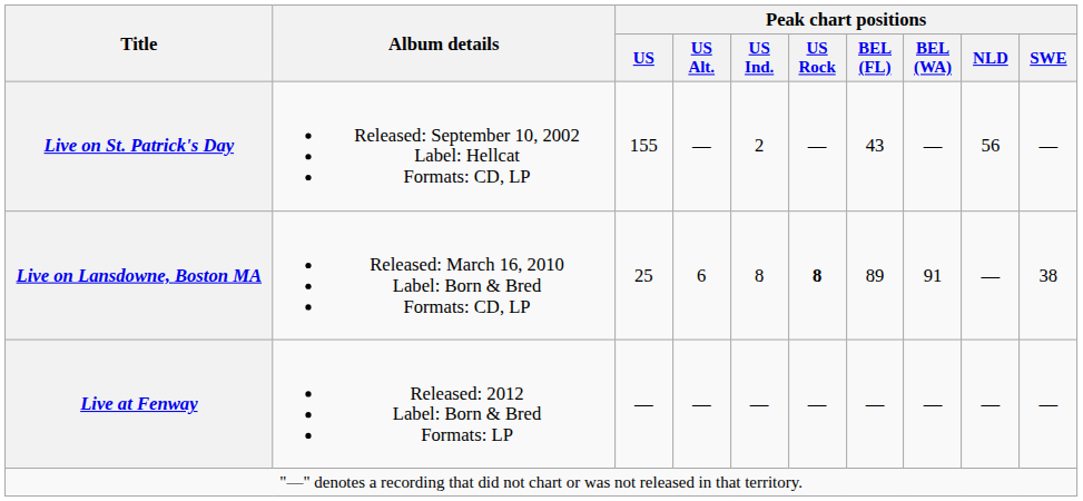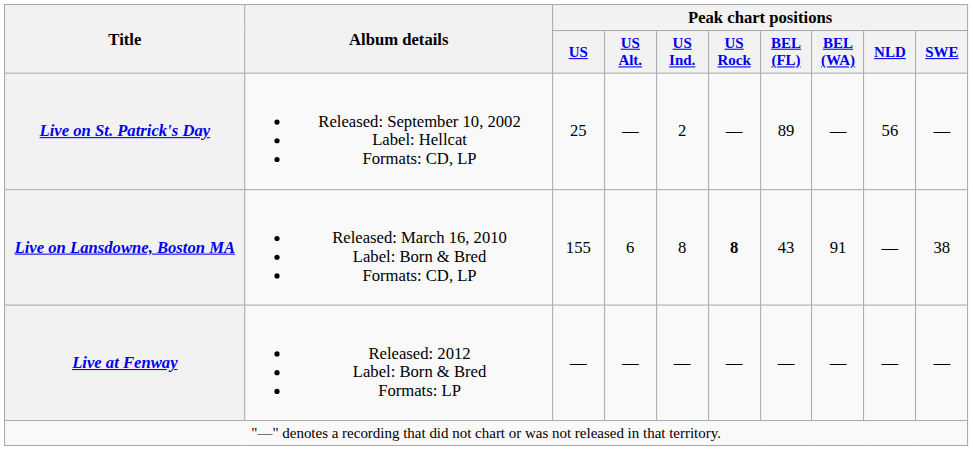 <table class="wikitable plainrowheaders" style="text-align:center;">
 <tr>
 <th scope="col" rowspan="2" style="width:14em;">Title</th>
 <th scope="col" rowspan="2" style="width:18em;">Album details</th>
 <th scope="col" colspan="8">Peak chart positions</th>
 </tr>
 <tr>
 <th scope="col" style="width:3em;font-size:90%;"><a href='#'>US</a><br></th>
 <th scope="col" style="width:3em;font-size:90%;"><a href='#'>US<br>Alt.</a><br></th>
 <th scope="col" style="width:3em;font-size:90%;"><a href='#'>US<br>Ind.</a><br></th>
 <th scope="col" style="width:3em;font-size:90%;"><a href='#'>US<br>Rock</a><br></th>
 <th scope="col" style="width:3em;font-size:90%;"><a href='#'>BEL<br>(FL)</a><br></th>
 <th scope="col" style="width:3em;font-size:90%;"><a href='#'>BEL<br>(WA)</a><br></th>
 <th scope="col" style="width:3em;font-size:90%;"><a href='#'>NLD</a><br></th>
 <th scope="col" style="width:3em;font-size:90%;"><a href='#'>SWE</a><br></th>
 </tr>
 <tr>
 <th scope="row"><em><a href='#'>Live on St. Patrick's Day</a></em></th>
 <td><br><ul><li>Released: September 10, 2002</li><li>Label: Hellcat</li><li>Formats: CD, LP</li></ul></td>
-<td>155</td>
+<td>25</td>
 <td>—</td>
 <td>2</td>
 <td>—</td>
-<td>43</td>
+<td>89</td>
 <td>—</td>
 <td>56</td>
 <td>—</td>
 </tr>
 <tr>
 <th scope="row"><em><a href='#'>Live on Lansdowne, Boston MA</a></em></th>
 <td><br><ul><li>Released: March 16, 2010</li><li>Label: Born & Bred</li><li>Formats: CD, LP</li></ul></td>
-<td>25</td>
+<td>155</td>
 <td>6</td>
 <td>8</td>
 <td><strong>8</strong></td>
-<td>89</td>
+<td>43</td>
 <td>91</td>
 <td>—</td>
 <td>38</td>
 </tr>
 <tr>
 <th scope="row"><em><a href='#'>Live at Fenway</a></em></th>
 <td><br><ul><li>Released: 2012</li><li>Label: Born & Bred</li><li>Formats: LP</li></ul></td>
 <td>—</td>
 <td>—</td>
 <td>—</td>
 <td>—</td>
 <td>—</td>
 <td>—</td>
 <td>—</td>
 <td>—</td>
 </tr>
 <tr>
 <td colspan="13" style="font-size:90%">"—" denotes a recording that did not chart or was not released in that territory.</td>
 </tr>
 </table>
